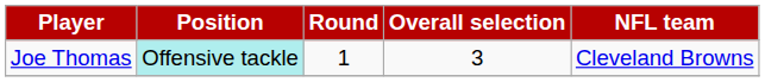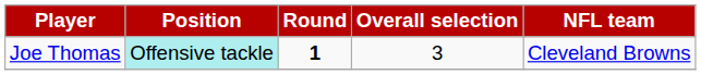 <table class="wikitable" style="text-align:center">
 <tr>
 <th style="background:#B70101; color:#fff;">Player</th>
 <th style="background:#B70101; color:#fff;">Position</th>
 <th style="background:#B70101; color:#fff;">Round</th>
 <th style="background:#B70101; color:#fff;">Overall selection</th>
 <th style="background:#B70101; color:#fff;">NFL team</th>
 </tr>
 <tr>
 <td><a href='#'>Joe Thomas</a></td>
 <td style="background: paleturquoise;">Offensive tackle</td>
-<td>1</td>
+<td><strong>1</strong></td>
 <td>3</td>
 <td><a href='#'>Cleveland Browns</a></td>
 </tr>
 <tr>
 </tr>
 </table>
